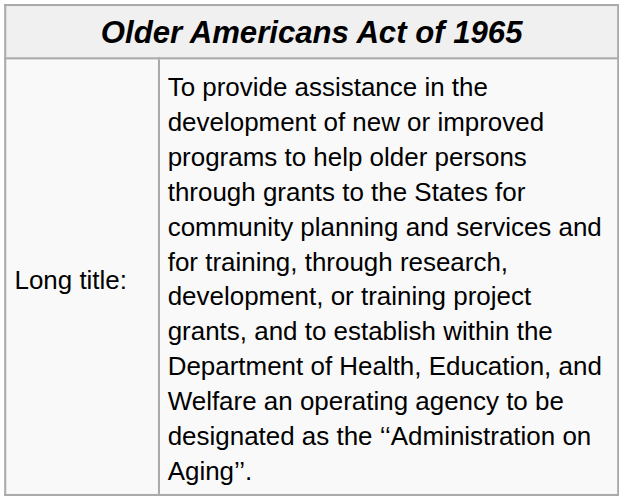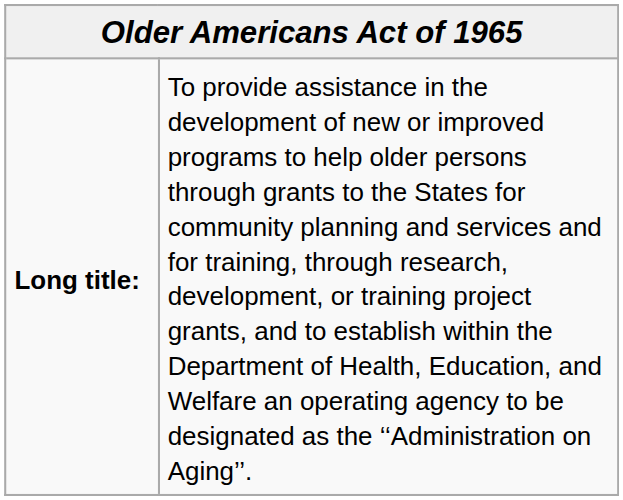 <table align=right border=1 cellpadding=4 cellspacing=0 width=300px style="margin: 0 0 1em 1em; background: #f9f9f9; border: 1px #aaaaaa solid; border-collapse: collapse; font-size: 95%; clear:right;">
 <tr>
 <td align=center colspan=2 style="background: #f0f0f0"><strong><em>Older Americans Act of 1965</em></strong></td>
 </tr>
 <tr>
-<td width=25%><small>Long title:</small></td>
+<td width=25%><strong><small>Long title:</small></strong></td>
 <td><small>To provide assistance in the development of new or improved programs to help older persons through grants to the States for community planning and services and for training, through research, development, or training project grants, and to establish within the Department of Health, Education, and Welfare an operating agency to be designated as the ‘‘Administration on Aging’’. </small></td>
 </tr>
 </table>
